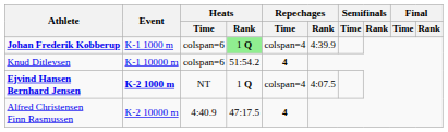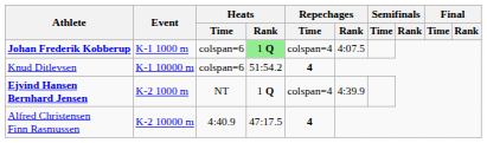 <table class="wikitable" style="font-size:90%">
 <tr>
 <th rowspan=2>Athlete</th>
 <th rowspan=2>Event</th>
 <th colspan=2>Heats</th>
 <th colspan=2>Repechages</th>
 <th colspan=2>Semifinals</th>
 <th colspan=2>Final</th>
 </tr>
 <tr style="font-size:95%">
 <th>Time</th>
 <th>Rank</th>
 <th>Time</th>
 <th>Rank</th>
 <th>Time</th>
 <th>Rank</th>
 <th>Time</th>
 <th>Rank</th>
 </tr>
 <tr align=center>
 <td align=left rowspan=1><strong><a href='#'>Johan Frederik Kobberup</a></strong></td>
 <td align=left><a href='#'>K-1 1000 m</a></td>
 <td>colspan=6 </td>
 <td style="background: lightgreen;">1 <strong>Q</strong></td>
 <td>colspan=4 </td>
-<td>4:39.9</td>
+<td>4:07.5</td>
 <td></td>
 </tr>
 <tr align=center>
 <td align=left rowspan=1><a href='#'>Knud Ditlevsen</a></td>
 <td align=left><a href='#'>K-1 10000 m</a></td>
 <td>colspan=6 </td>
 <td>51:54.2</td>
 <td><strong>4</strong></td>
 </tr>
 <tr align=center>
 <td align=left rowspan=1><strong><a href='#'>Ejvind Hansen</a><br><a href='#'>Bernhard Jensen</a></strong></td>
-<td align=left><strong><a href='#'>K-2 1000 m</a></strong></td>
+<td align=left><a href='#'>K-2 1000 m</a></td>
 <td>NT</td>
 <td>1 <strong>Q</strong></td>
 <td>colspan=4 </td>
-<td>4:07.5</td>
+<td>4:39.9</td>
 <td></td>
 </tr>
 <tr align=center>
 <td align=left rowspan=1><a href='#'>Alfred Christensen</a><br><a href='#'>Finn Rasmussen</a></td>
 <td align=left><a href='#'>K-2 10000 m</a></td>
 <td>4:40.9</td>
 <td>47:17.5</td>
 <td><strong>4</strong></td>
 </tr>
 </table>
